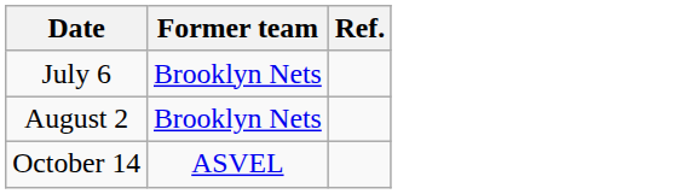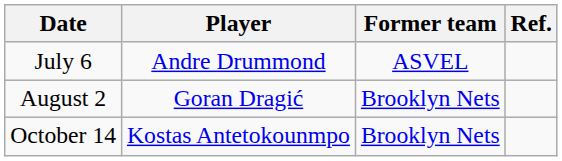 <table class="wikitable sortable sortable" style="text-align: center">
 <tr>
 <th>Date</th>
+<th>Player</th>
 <th>Former team</th>
 <th>Ref.</th>
 </tr>
 <tr>
 <td>July 6</td>
-<td><a href='#'>Brooklyn Nets</a></td>
+<td><a href='#'>Andre Drummond</a></td>
+<td><a href='#'>ASVEL</a></td>
 <td></td>
 </tr>
 <tr>
 <td>August 2</td>
+<td><a href='#'>Goran Dragić</a></td>
 <td><a href='#'>Brooklyn Nets</a></td>
 <td></td>
 </tr>
 <tr>
 <td>October 14</td>
-<td><a href='#'>ASVEL</a></td>
+<td><a href='#'>Kostas Antetokounmpo</a></td>
+<td><a href='#'>Brooklyn Nets</a></td>
 <td></td>
 </tr>
 </table>
